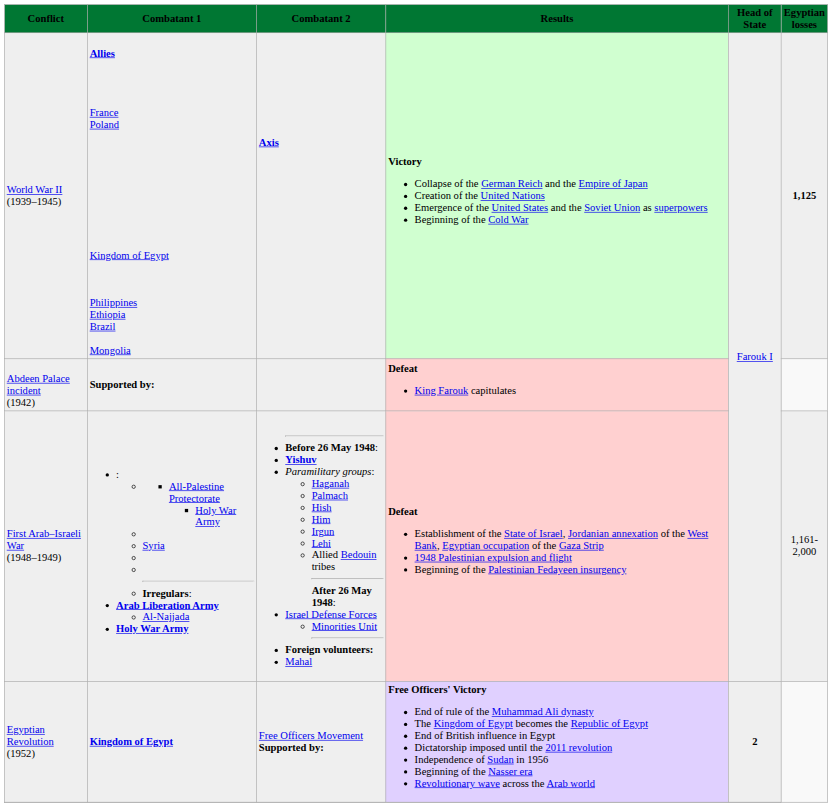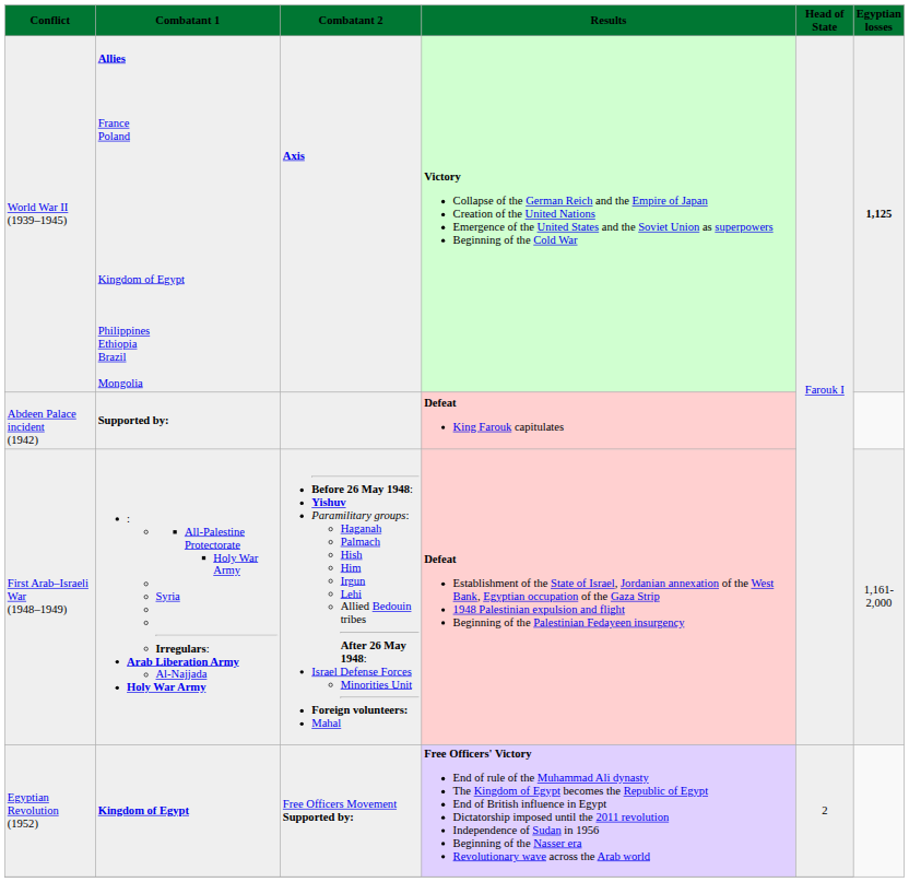 <table class="wikitable">
 <tr>
 <th style="background:#007733" width==190px><span>Conflict</span></th>
 <th style="background:#007733" width=="1" width=160px><span>Combatant 1</span></th>
 <th style="background:#007733" width= rowspan="1" width=160px><span>Combatant 2</span></th>
 <th style="background:#007733" width= rowspan="1" width=280px><span>Results</span></th>
 <th style="background:#007733" width= rowspan="1" width=90px><span>Head of State</span></th>
 <th style="background:#007733" width= rowspan="1" width=80px><span>Egyptian<br>losses</span></th>
 </tr>
 <tr>
 <td style="background:#efefef"><a href='#'>World War II</a><br>(1939–1945)</td>
 <td style="background:#efefef"><br><a href='#'><strong>Allies</strong></a><br><br><br><br><br> <a href='#'>France</a><br> <a href='#'>Poland</a><br><br><br><br><br><br><br><br><br><br><br> <a href='#'>Kingdom of Egypt</a><br><br><br><br> <a href='#'>Philippines</a><br> <a href='#'>Ethiopia</a><br> <a href='#'>Brazil</a><br><br> <a href='#'>Mongolia</a></td>
 <td style="background:#efefef"><br><a href='#'><strong>Axis</strong></a><br> <br><br><br><br><br><br><br><br><br><br></td>
 <td style="background:#D0FFD0"><strong>Victory</strong><br><ul><li>Collapse of the <a href='#'>German Reich</a> and the <a href='#'>Empire of Japan</a></li><li>Creation of the <a href='#'>United Nations</a></li><li>Emergence of the <a href='#'>United States</a> and the <a href='#'>Soviet Union</a> as <a href='#'>superpowers</a></li><li>Beginning of the <a href='#'>Cold War</a></li></ul></td>
 <td style="background:#efefef;text-align:center;" rowspan=3><a href='#'>Farouk I</a></td>
 <td style="background:#efefef;text-align:center;" colspan=1><strong>1,125</strong></td>
 </tr>
 <tr>
 <td style="background:#efefef"><br><a href='#'>Abdeen Palace incident</a><br>(1942)</td>
 <td style="background:#efefef"><br><strong>Supported by:</strong><br><br></td>
 <td style="background:#efefef"><br><strong></strong></td>
 <td style="background:#FFD0D0"><strong>Defeat</strong><br><ul><li><a href='#'>King Farouk</a> capitulates</li></ul></td>
 </tr>
 <tr>
 <td style="background:#efefef"><a href='#'>First Arab–Israeli War</a><br>(1948–1949)</td>
 <td style="background:#efefef"><br><ul><li><strong></strong>:<ul><li><ul><li> <a href='#'>All-Palestine Protectorate</a><ul><li> <a href='#'>Holy War Army</a></li></ul></li></ul></li><li></li><li> <a href='#'>Syria</a></li><li></li><li></li><li><hr><strong>Irregulars</strong>:</li></ul></li><li> <strong><a href='#'>Arab Liberation Army</a></strong><ul><li> <a href='#'>Al-Najjada</a></li></ul></li><li> <strong><a href='#'>Holy War Army</a></strong></li></ul></td>
 <td style="background:#efefef"><br><ul><li><strong></strong><hr><strong>Before 26 May 1948</strong>:</li><li> <strong><a href='#'>Yishuv</a></strong></li><li><em>Paramilitary groups</em>:<ul><li> <a href='#'>Haganah</a></li><li> <a href='#'>Palmach</a></li><li> <a href='#'>Hish</a></li><li> <a href='#'>Him</a></li><li> <a href='#'>Irgun</a></li><li> <a href='#'>Lehi</a></li><li>Allied <a href='#'>Bedouin</a> tribes<hr><strong>After 26 May 1948</strong>:</li></ul></li><li>  <a href='#'>Israel Defense Forces</a><ul><li> <a href='#'>Minorities Unit</a><hr></li></ul></li><li><strong>Foreign volunteers:</strong></li><li><a href='#'>Mahal</a></li></ul></td>
 <td style="background:#FFD0D0"><strong>Defeat</strong><br><ul><li>Establishment of the <a href='#'>State of Israel</a>, <a href='#'>Jordanian annexation</a> of the <a href='#'>West Bank</a>, <a href='#'>Egyptian occupation</a> of the <a href='#'>Gaza Strip</a></li><li><a href='#'>1948 Palestinian expulsion and flight</a></li><li>Beginning of the <a href='#'>Palestinian Fedayeen insurgency</a></li></ul></td>
 <td style="background:#efefef;text-align:center;">1,161-<br>2,000</td>
 </tr>
 <tr>
 <td style="background:#efefef"><a href='#'>Egyptian Revolution</a><br>(1952)</td>
 <td style="background:#efefef"><strong> <a href='#'>Kingdom of Egypt</a></strong></td>
 <td style="background:#efefef"> <a href='#'>Free Officers Movement</a><br><strong>Supported by:</strong><br></td>
 <td style="background:#E0D0FF"><strong>Free Officers' Victory</strong><br><ul><li>End of rule of the <a href='#'>Muhammad Ali dynasty</a></li><li>The <a href='#'>Kingdom of Egypt</a> becomes the <a href='#'>Republic of Egypt</a></li><li>End of British influence in Egypt</li><li>Dictatorship imposed until the <a href='#'>2011 revolution</a></li><li>Independence of <a href='#'>Sudan</a> in 1956</li><li>Beginning of the <a href='#'>Nasser era</a></li><li><a href='#'>Revolutionary wave</a> across the <a href='#'>Arab world</a></li></ul></td>
-<td style="background:#efefef;text-align:center;"><strong>2</strong></td>
+<td style="background:#efefef;text-align:center;">2</td>
 </tr>
 <tr>
 </tr>
 </table>
